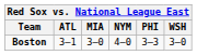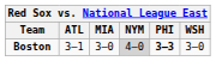 <table class="wikitable" style="text-align:center; font-size: 95%;">
 <tr>
 <th colspan="6">Red Sox vs. <a href='#'>National League East</a></th>
 </tr>
 <tr>
 <th>Team</th>
 <th><strong>ATL</strong></th>
 <th><strong>MIA</strong></th>
 <th><strong>NYM</strong></th>
 <th><strong>PHI</strong></th>
 <th><strong>WSH</strong></th>
 </tr>
 <tr>
 <td><strong>Boston</strong></td>
 <td>3–1</td>
 <td>3–0</td>
-<td>4–0</td>
-<td>3–3</td>
+<td style="background: lightgrey;">4–0</td>
+<td><strong>3–3</strong></td>
 <td>3–0</td>
 </tr>
 </table>
